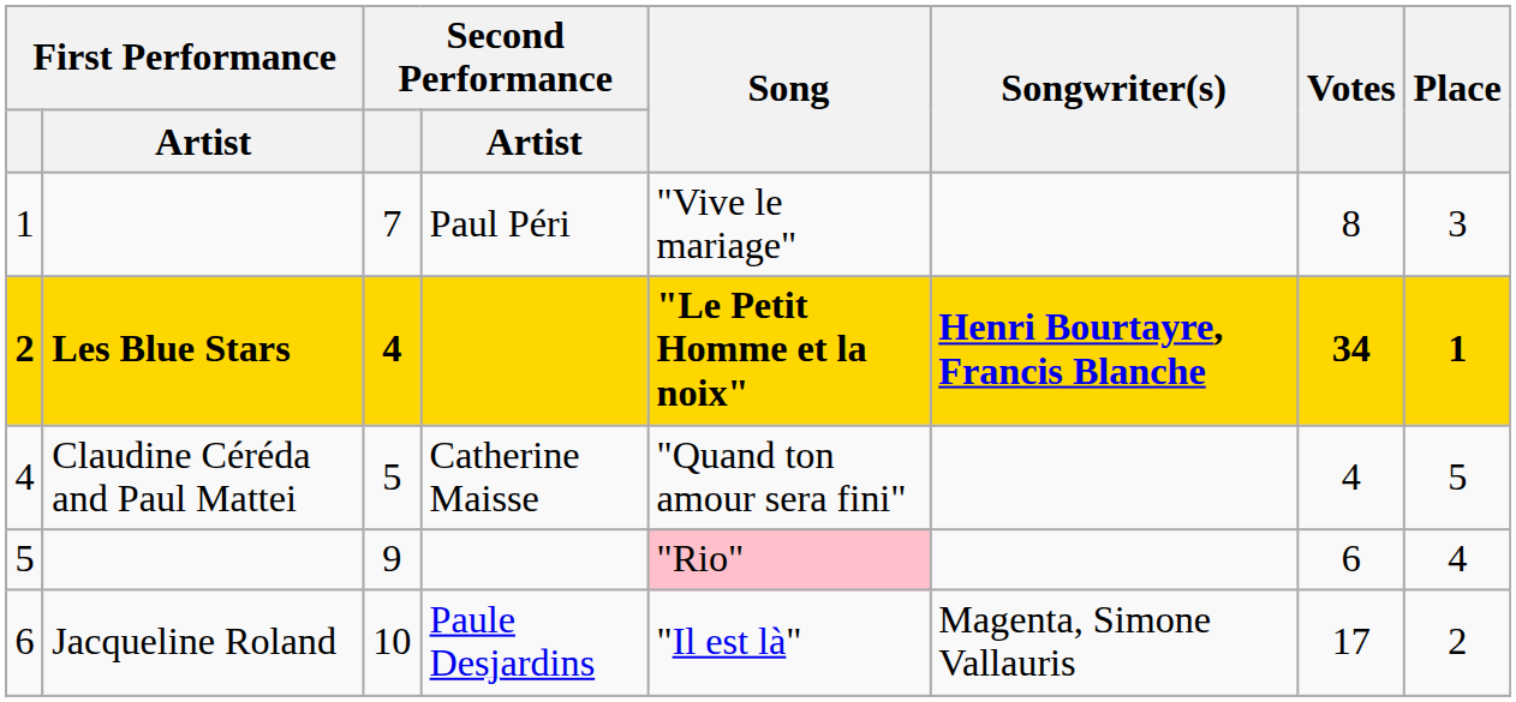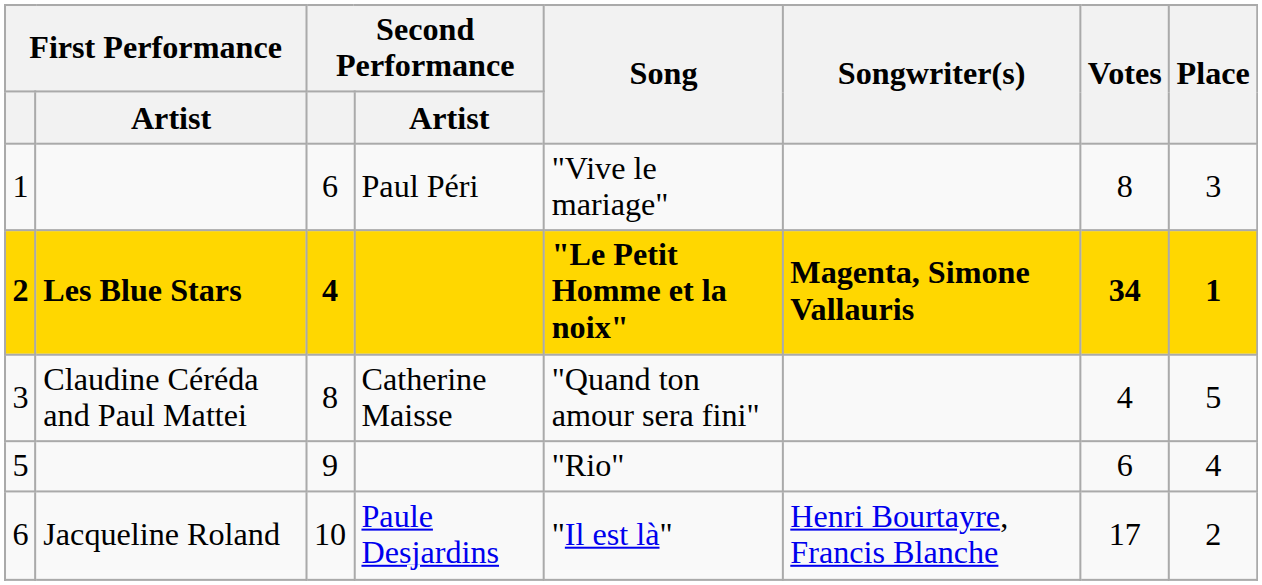 <table class="sortable wikitable" style="margin: 1em auto 1em auto; text-align:left">
 <tr>
 <th colspan="2">First Performance</th>
 <th colspan="2">Second Performance</th>
 <th rowspan="2">Song</th>
 <th rowspan="2">Songwriter(s)</th>
 <th rowspan="2">Votes</th>
 <th rowspan="2">Place</th>
 </tr>
 <tr>
 <th></th>
 <th>Artist</th>
 <th></th>
 <th>Artist</th>
 </tr>
 <tr>
 <td align="center">1</td>
 <td></td>
-<td align="center">7</td>
+<td align="center">6</td>
 <td>Paul Péri</td>
 <td>"Vive le mariage"</td>
 <td></td>
 <td align="center">8</td>
 <td align="center">3</td>
 </tr>
 <tr style="font-weight:bold; background:gold;">
 <td align="center">2</td>
 <td>Les Blue Stars</td>
 <td align="center">4</td>
 <td></td>
 <td>"Le Petit Homme et la noix"</td>
-<td><a href='#'>Henri Bourtayre</a>, <a href='#'>Francis Blanche</a></td>
+<td>Magenta, Simone Vallauris</td>
 <td align="center">34</td>
 <td align="center">1</td>
 </tr>
 <tr>
-<td align="center">4</td>
+<td align="center">3</td>
 <td>Claudine Céréda and Paul Mattei</td>
-<td align="center">5</td>
+<td align="center">8</td>
 <td>Catherine Maisse</td>
 <td>"Quand ton amour sera fini"</td>
 <td></td>
 <td align="center">4</td>
 <td align="center">5</td>
 </tr>
 <tr>
 <td align="center">5</td>
 <td></td>
 <td align="center">9</td>
 <td></td>
-<td style="background: pink;">"Rio"</td>
+<td>"Rio"</td>
 <td></td>
 <td align="center">6</td>
 <td align="center">4</td>
 </tr>
 <tr>
 <td align="center">6</td>
 <td>Jacqueline Roland</td>
 <td align="center">10</td>
 <td><a href='#'>Paule Desjardins</a></td>
 <td>"<a href='#'>Il est là</a>"</td>
-<td>Magenta, Simone Vallauris</td>
+<td><a href='#'>Henri Bourtayre</a>, <a href='#'>Francis Blanche</a></td>
 <td align="center">17</td>
 <td align="center">2</td>
 </tr>
 </table>
